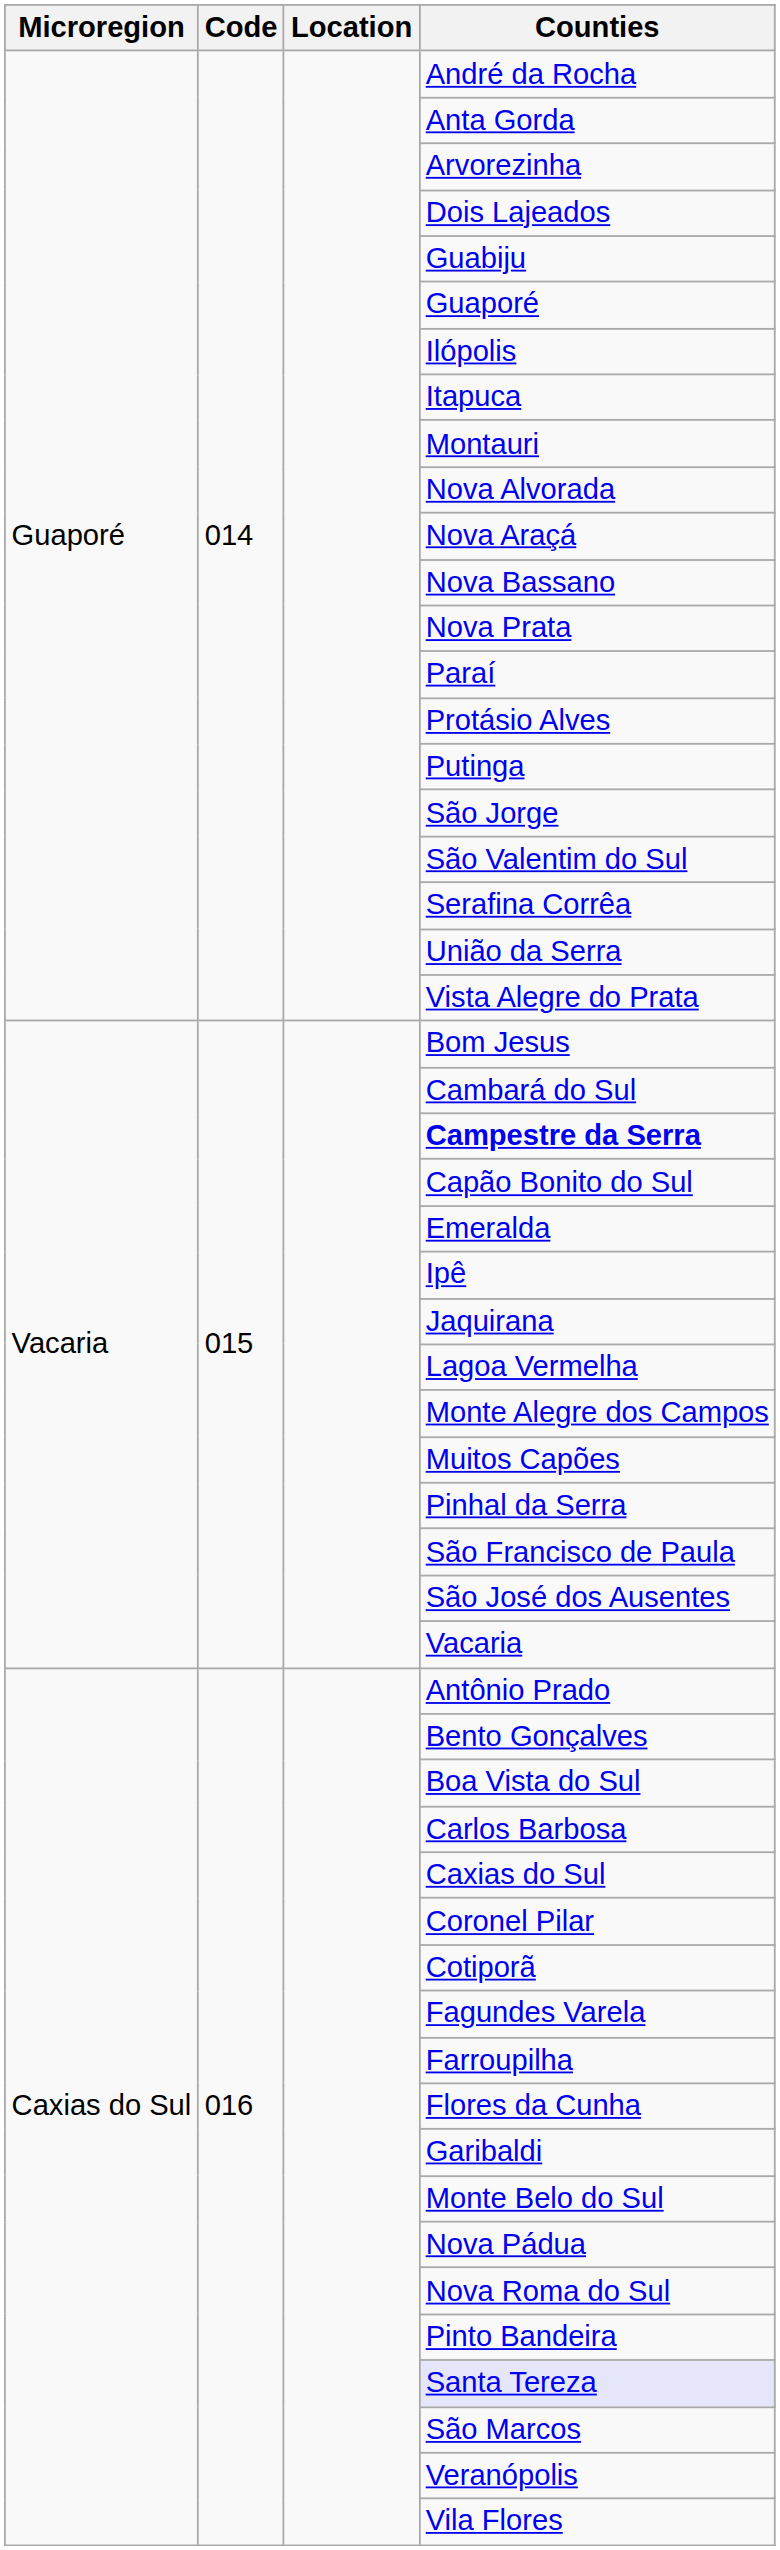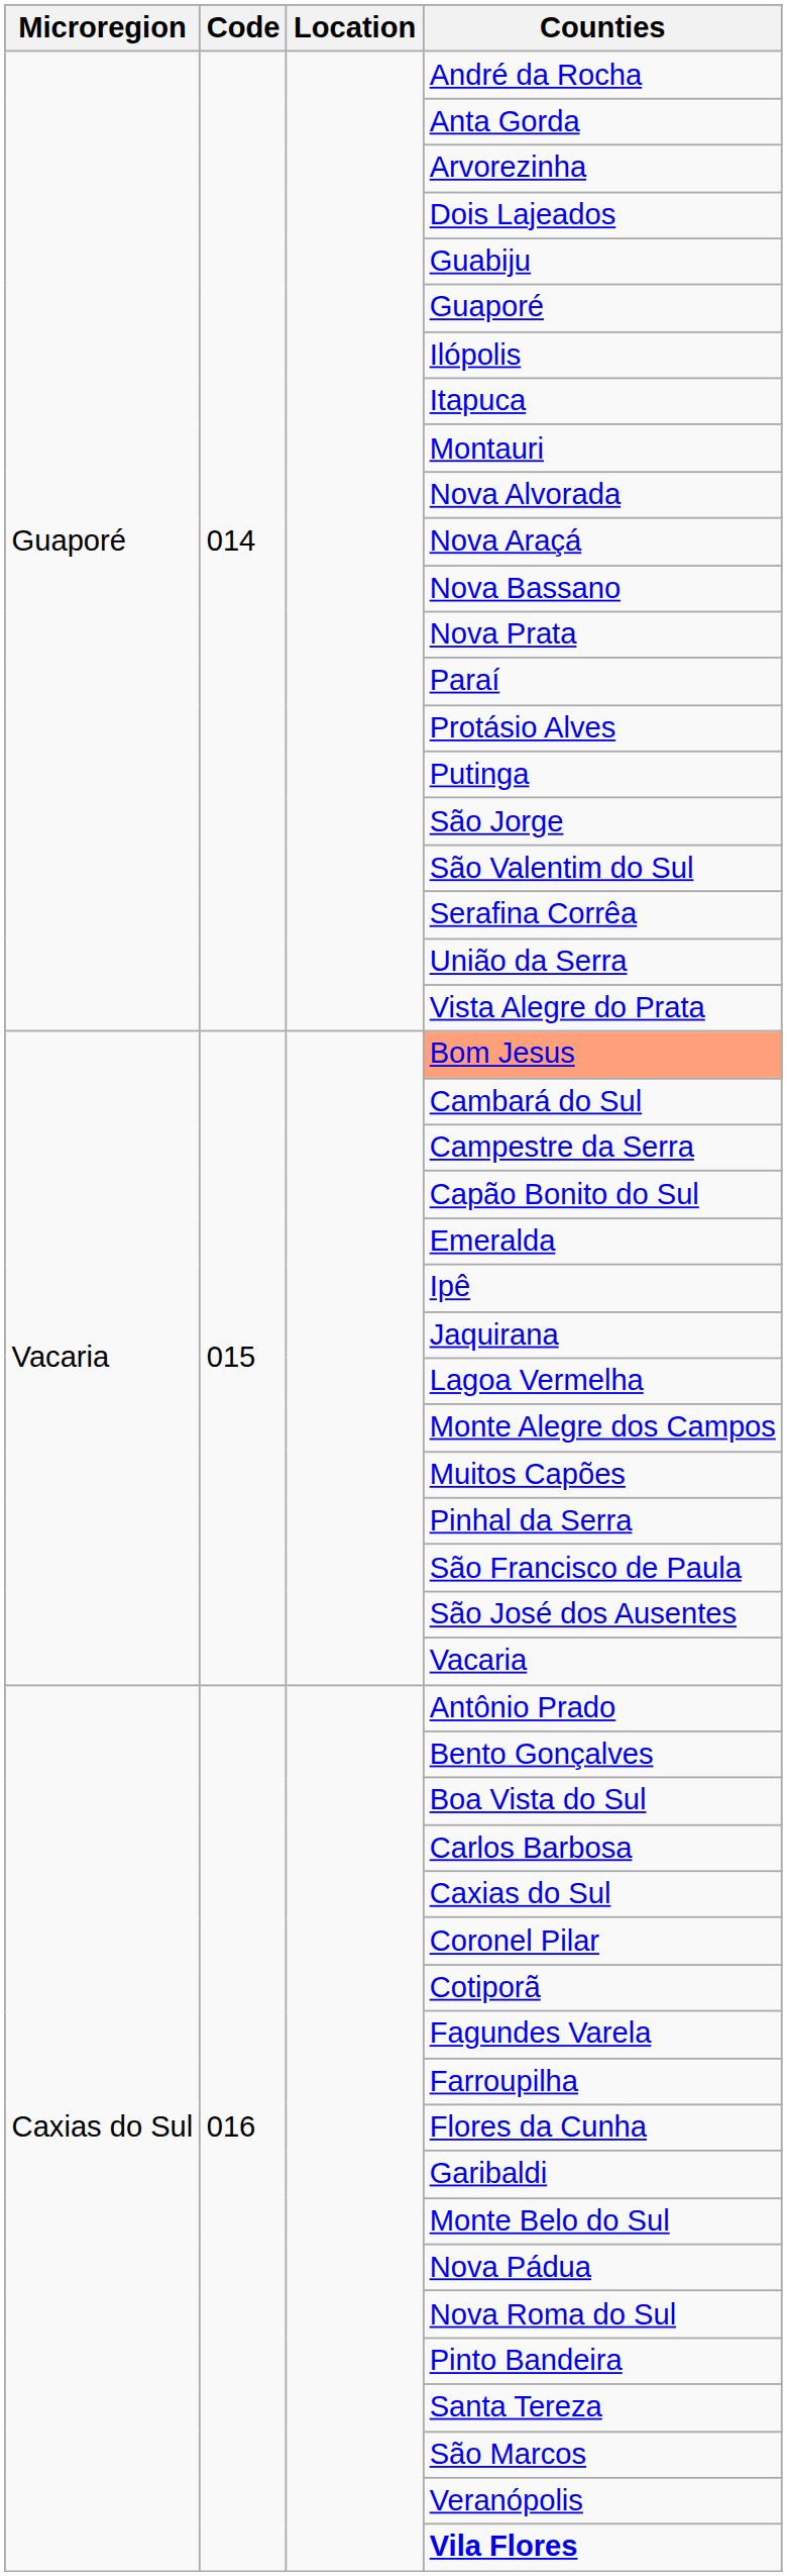 <table class="wikitable sortable">
 <tr>
 <th>Microregion</th>
 <th>Code</th>
 <th>Location</th>
 <th>Counties</th>
 </tr>
 <tr>
 <td rowspan="21">Guaporé</td>
 <td rowspan="21">014</td>
 <td rowspan="21"></td>
 <td><a href='#'>André da Rocha</a></td>
 </tr>
 <tr>
 <td><a href='#'>Anta Gorda</a></td>
 </tr>
 <tr>
 <td><a href='#'>Arvorezinha</a></td>
 </tr>
 <tr>
 <td><a href='#'>Dois Lajeados</a></td>
 </tr>
 <tr>
 <td><a href='#'>Guabiju</a></td>
 </tr>
 <tr>
 <td><a href='#'>Guaporé</a></td>
 </tr>
 <tr>
 <td><a href='#'>Ilópolis</a></td>
 </tr>
 <tr>
 <td><a href='#'>Itapuca</a></td>
 </tr>
 <tr>
 <td><a href='#'>Montauri</a></td>
 </tr>
 <tr>
 <td><a href='#'>Nova Alvorada</a></td>
 </tr>
 <tr>
 <td><a href='#'>Nova Araçá</a></td>
 </tr>
 <tr>
 <td><a href='#'>Nova Bassano</a></td>
 </tr>
 <tr>
 <td><a href='#'>Nova Prata</a></td>
 </tr>
 <tr>
 <td><a href='#'>Paraí</a></td>
 </tr>
 <tr>
 <td><a href='#'>Protásio Alves</a></td>
 </tr>
 <tr>
 <td><a href='#'>Putinga</a></td>
 </tr>
 <tr>
 <td><a href='#'>São Jorge</a></td>
 </tr>
 <tr>
 <td><a href='#'>São Valentim do Sul</a></td>
 </tr>
 <tr>
 <td><a href='#'>Serafina Corrêa</a></td>
 </tr>
 <tr>
 <td><a href='#'>União da Serra</a></td>
 </tr>
 <tr>
 <td><a href='#'>Vista Alegre do Prata</a></td>
 </tr>
 <tr>
 <td rowspan="14">Vacaria</td>
 <td rowspan="14">015</td>
 <td rowspan="14"></td>
-<td><a href='#'>Bom Jesus</a></td>
+<td style="background: lightsalmon;"><a href='#'>Bom Jesus</a></td>
 </tr>
 <tr>
 <td><a href='#'>Cambará do Sul</a></td>
 </tr>
 <tr>
-<td><strong><a href='#'>Campestre da Serra</a></strong></td>
+<td><a href='#'>Campestre da Serra</a></td>
 </tr>
 <tr>
 <td><a href='#'>Capão Bonito do Sul</a></td>
 </tr>
 <tr>
 <td><a href='#'>Emeralda</a></td>
 </tr>
 <tr>
 <td><a href='#'>Ipê</a></td>
 </tr>
 <tr>
 <td><a href='#'>Jaquirana</a></td>
 </tr>
 <tr>
 <td><a href='#'>Lagoa Vermelha</a></td>
 </tr>
 <tr>
 <td><a href='#'>Monte Alegre dos Campos</a></td>
 </tr>
 <tr>
 <td><a href='#'>Muitos Capões</a></td>
 </tr>
 <tr>
 <td><a href='#'>Pinhal da Serra</a></td>
 </tr>
 <tr>
 <td><a href='#'>São Francisco de Paula</a></td>
 </tr>
 <tr>
 <td><a href='#'>São José dos Ausentes</a></td>
 </tr>
 <tr>
 <td><a href='#'>Vacaria</a></td>
 </tr>
 <tr>
 <td rowspan="19">Caxias do Sul</td>
 <td rowspan="19">016</td>
 <td rowspan="19"></td>
 <td><a href='#'>Antônio Prado</a></td>
 </tr>
 <tr>
 <td><a href='#'>Bento Gonçalves</a></td>
 </tr>
 <tr>
 <td><a href='#'>Boa Vista do Sul</a></td>
 </tr>
 <tr>
 <td><a href='#'>Carlos Barbosa</a></td>
 </tr>
 <tr>
 <td><a href='#'>Caxias do Sul</a></td>
 </tr>
 <tr>
 <td><a href='#'>Coronel Pilar</a></td>
 </tr>
 <tr>
 <td><a href='#'>Cotiporã</a></td>
 </tr>
 <tr>
 <td><a href='#'>Fagundes Varela</a></td>
 </tr>
 <tr>
 <td><a href='#'>Farroupilha</a></td>
 </tr>
 <tr>
 <td><a href='#'>Flores da Cunha</a></td>
 </tr>
 <tr>
 <td><a href='#'>Garibaldi</a></td>
 </tr>
 <tr>
 <td><a href='#'>Monte Belo do Sul</a></td>
 </tr>
 <tr>
 <td><a href='#'>Nova Pádua</a></td>
 </tr>
 <tr>
 <td><a href='#'>Nova Roma do Sul</a></td>
 </tr>
 <tr>
 <td><a href='#'>Pinto Bandeira</a></td>
 </tr>
 <tr>
-<td style="background: lavender;"><a href='#'>Santa Tereza</a></td>
+<td><a href='#'>Santa Tereza</a></td>
 </tr>
 <tr>
 <td><a href='#'>São Marcos</a></td>
 </tr>
 <tr>
 <td><a href='#'>Veranópolis</a></td>
 </tr>
 <tr>
-<td><a href='#'>Vila Flores</a></td>
+<td><strong><a href='#'>Vila Flores</a></strong></td>
 </tr>
 <tr>
 </tr>
 </table>
